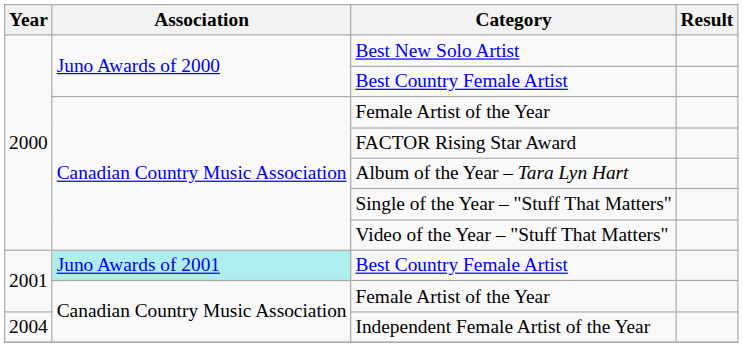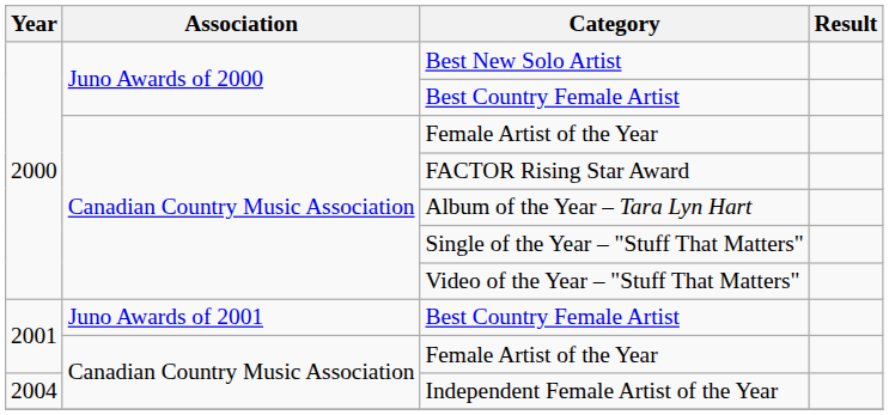 <table class="wikitable">
 <tr>
 <th>Year</th>
 <th>Association</th>
 <th>Category</th>
 <th>Result</th>
 </tr>
 <tr>
 <td rowspan="7">2000</td>
 <td rowspan="2"><a href='#'>Juno Awards of 2000</a></td>
 <td><a href='#'>Best New Solo Artist</a></td>
 <td></td>
 </tr>
 <tr>
 <td><a href='#'>Best Country Female Artist</a></td>
 <td></td>
 </tr>
 <tr>
 <td rowspan="5"><a href='#'>Canadian Country Music Association</a></td>
 <td>Female Artist of the Year</td>
 <td></td>
 </tr>
 <tr>
 <td>FACTOR Rising Star Award</td>
 <td></td>
 </tr>
 <tr>
 <td>Album of the Year – <em>Tara Lyn Hart</em></td>
 <td></td>
 </tr>
 <tr>
 <td>Single of the Year – "Stuff That Matters"</td>
 <td></td>
 </tr>
 <tr>
 <td>Video of the Year – "Stuff That Matters"</td>
 <td></td>
 </tr>
 <tr>
 <td rowspan="2">2001</td>
-<td style="background: paleturquoise;"><a href='#'>Juno Awards of 2001</a></td>
+<td><a href='#'>Juno Awards of 2001</a></td>
 <td><a href='#'>Best Country Female Artist</a></td>
 <td></td>
 </tr>
 <tr>
 <td rowspan="2">Canadian Country Music Association</td>
 <td>Female Artist of the Year</td>
 <td></td>
 </tr>
 <tr>
 <td>2004</td>
 <td>Independent Female Artist of the Year</td>
 <td></td>
 </tr>
 <tr>
 </tr>
 </table>
